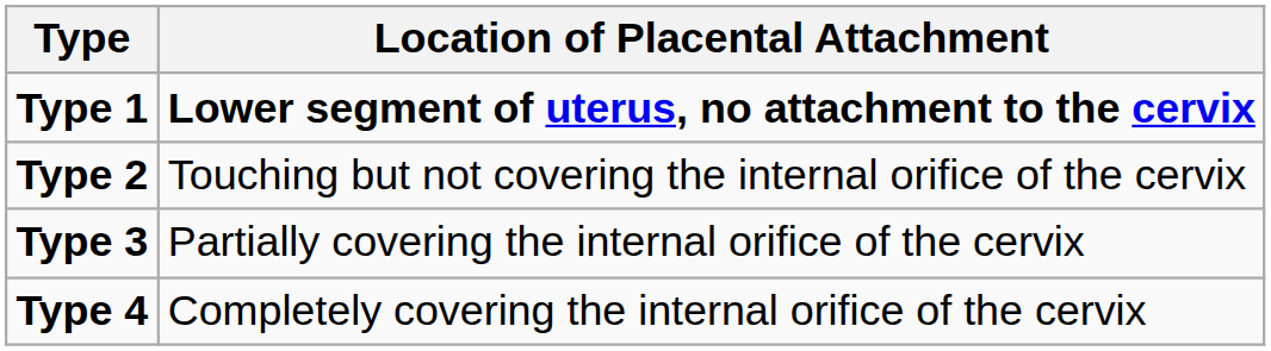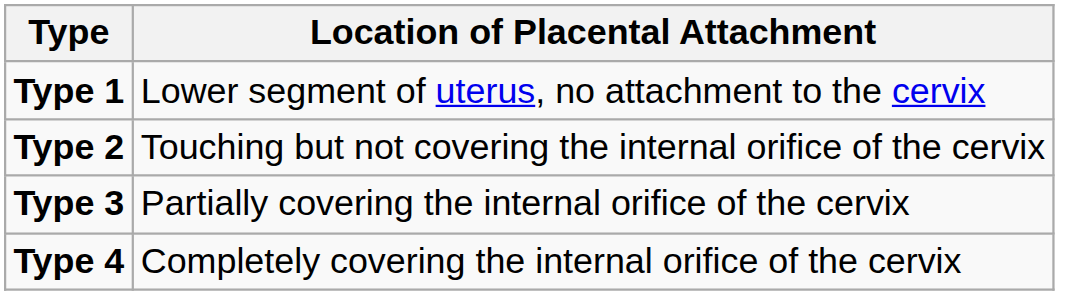 <table class="wikitable">
 <tr>
 <th>Type</th>
 <th>Location of Placental Attachment</th>
 </tr>
 <tr>
 <td><strong>Type 1</strong></td>
-<td><strong>Lower segment of <a href='#'>uterus</a>, no attachment to the <a href='#'>cervix</a></strong></td>
+<td>Lower segment of <a href='#'>uterus</a>, no attachment to the <a href='#'>cervix</a></td>
 </tr>
 <tr>
 <td><strong>Type 2</strong></td>
 <td>Touching but not covering the internal orifice of the cervix</td>
 </tr>
 <tr>
 <td><strong>Type 3</strong></td>
 <td>Partially covering the internal orifice of the cervix</td>
 </tr>
 <tr>
 <td><strong>Type 4</strong></td>
 <td>Completely covering the internal orifice of the cervix</td>
 </tr>
 </table>
